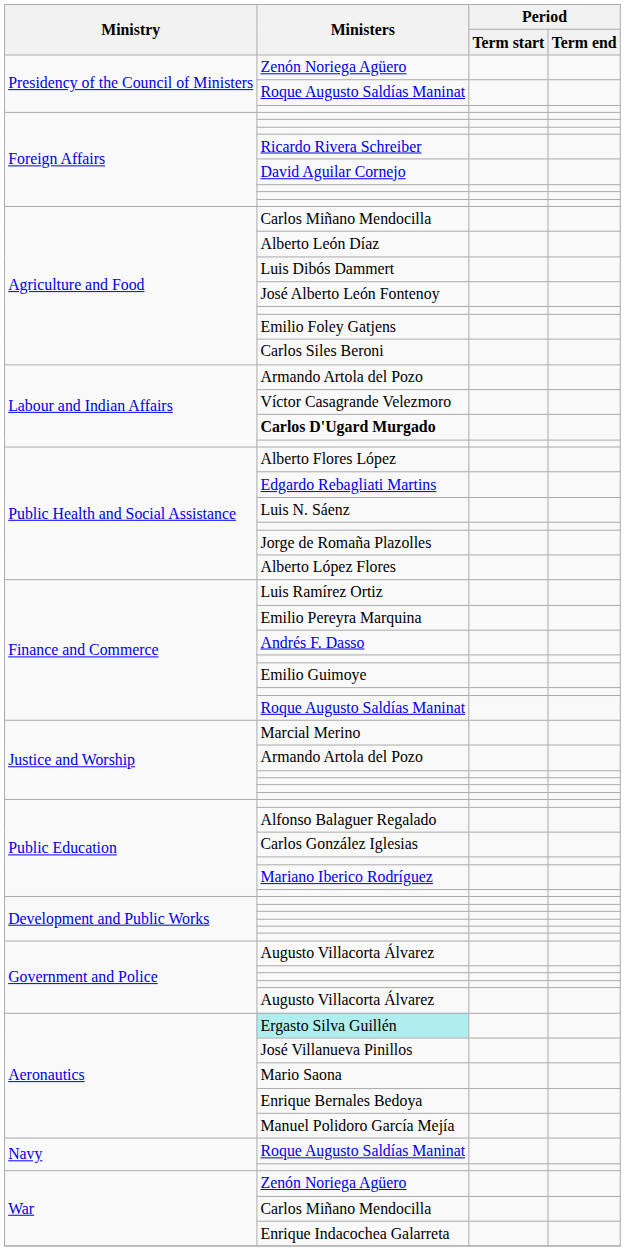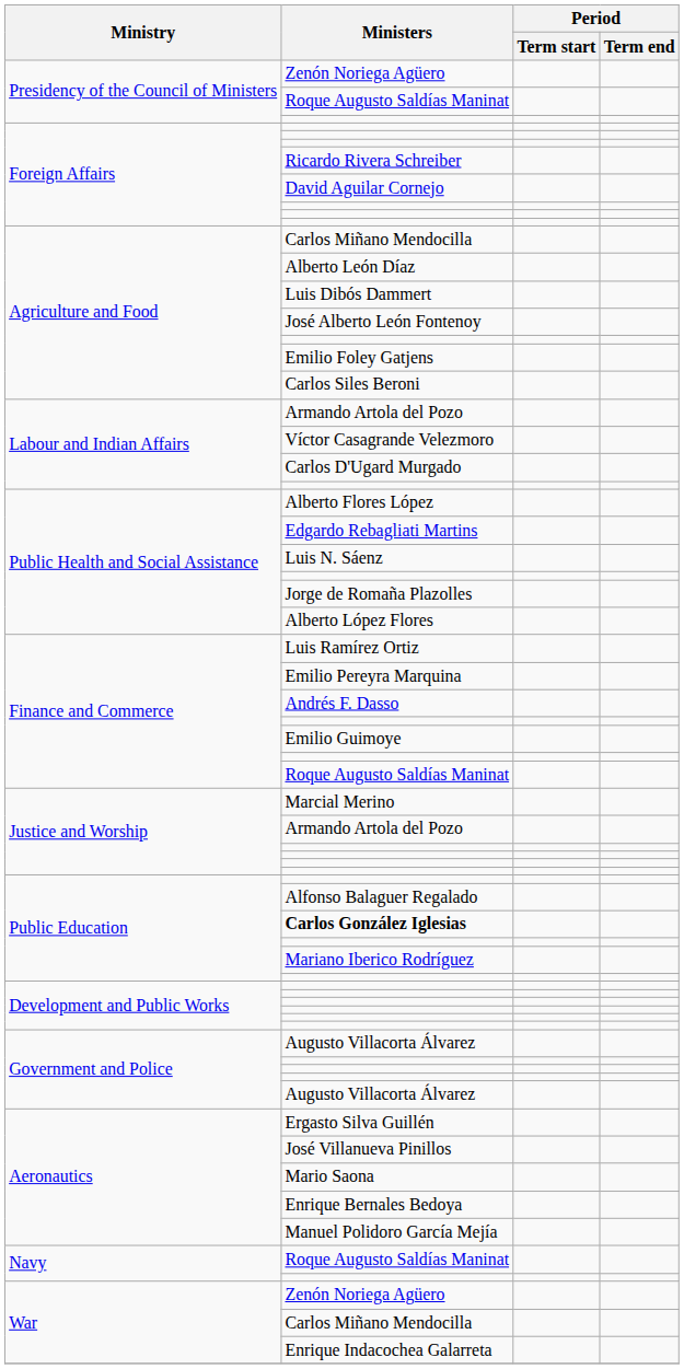 <table class="wikitable">
 <tr>
 <th rowspan=2><strong>Ministry</strong></th>
 <th rowspan=2><strong>Ministers</strong></th>
 <th colspan=2><strong>Period</strong></th>
 </tr>
 <tr>
 <th>Term start</th>
 <th>Term end</th>
 </tr>
 <tr>
 <td rowspan=3><a href='#'>Presidency of the Council of Ministers</a></td>
 <td><a href='#'>Zenón Noriega Agüero</a></td>
 <td></td>
 <td></td>
 </tr>
 <tr>
 <td><a href='#'>Roque Augusto Saldías Maninat</a></td>
 <td></td>
 <td></td>
 </tr>
 <tr>
 <td></td>
 <td></td>
 <td></td>
 </tr>
 <tr>
 <td rowspan=8><a href='#'>Foreign Affairs</a></td>
 <td></td>
 <td></td>
 <td></td>
 </tr>
 <tr>
 <td></td>
 <td></td>
 <td></td>
 </tr>
 <tr>
 <td></td>
 <td></td>
 <td></td>
 </tr>
 <tr>
 <td><a href='#'>Ricardo Rivera Schreiber</a></td>
 <td></td>
 <td></td>
 </tr>
 <tr>
 <td><a href='#'>David Aguilar Cornejo</a></td>
 <td></td>
 <td></td>
 </tr>
 <tr>
 <td></td>
 <td></td>
 <td></td>
 </tr>
 <tr>
 <td></td>
 <td></td>
 <td></td>
 </tr>
 <tr>
 <td></td>
 <td></td>
 <td></td>
 </tr>
 <tr>
 <td rowspan=7><a href='#'>Agriculture and Food</a></td>
 <td>Carlos Miñano Mendocilla</td>
 <td></td>
 <td></td>
 </tr>
 <tr>
 <td>Alberto León Díaz</td>
 <td></td>
 <td></td>
 </tr>
 <tr>
 <td>Luis Dibós Dammert</td>
 <td></td>
 <td></td>
 </tr>
 <tr>
 <td>José Alberto León Fontenoy</td>
 <td></td>
 <td></td>
 </tr>
 <tr>
 <td></td>
 <td></td>
 <td></td>
 </tr>
 <tr>
 <td>Emilio Foley Gatjens</td>
 <td></td>
 <td></td>
 </tr>
 <tr>
 <td>Carlos Siles Beroni</td>
 <td></td>
 <td></td>
 </tr>
 <tr>
 <td rowspan=4><a href='#'>Labour and Indian Affairs</a></td>
 <td>Armando Artola del Pozo</td>
 <td></td>
 <td></td>
 </tr>
 <tr>
 <td>Víctor Casagrande Velezmoro</td>
 <td></td>
 <td></td>
 </tr>
 <tr>
-<td><strong>Carlos D'Ugard Murgado</strong></td>
+<td>Carlos D'Ugard Murgado</td>
 <td></td>
 <td></td>
 </tr>
 <tr>
 <td></td>
 <td></td>
 <td></td>
 </tr>
 <tr>
 <td rowspan=6><a href='#'>Public Health and Social Assistance</a></td>
 <td>Alberto Flores López</td>
 <td></td>
 <td></td>
 </tr>
 <tr>
 <td><a href='#'>Edgardo Rebagliati Martins</a></td>
 <td></td>
 <td></td>
 </tr>
 <tr>
 <td>Luis N. Sáenz</td>
 <td></td>
 <td></td>
 </tr>
 <tr>
 <td></td>
 <td></td>
 <td></td>
 </tr>
 <tr>
 <td>Jorge de Romaña Plazolles</td>
 <td></td>
 <td></td>
 </tr>
 <tr>
 <td>Alberto López Flores</td>
 <td></td>
 <td></td>
 </tr>
 <tr>
 <td rowspan=7><a href='#'>Finance and Commerce</a></td>
 <td>Luis Ramírez Ortiz</td>
 <td></td>
 <td></td>
 </tr>
 <tr>
 <td>Emilio Pereyra Marquina</td>
 <td></td>
 <td></td>
 </tr>
 <tr>
 <td><a href='#'>Andrés F. Dasso</a></td>
 <td></td>
 <td></td>
 </tr>
 <tr>
 <td></td>
 <td></td>
 <td></td>
 </tr>
 <tr>
 <td>Emilio Guimoye</td>
 <td></td>
 <td></td>
 </tr>
 <tr>
 <td></td>
 <td></td>
 <td></td>
 </tr>
 <tr>
 <td><a href='#'>Roque Augusto Saldías Maninat</a></td>
 <td></td>
 <td></td>
 </tr>
 <tr>
 <td rowspan=6><a href='#'>Justice and Worship</a></td>
 <td>Marcial Merino</td>
 <td></td>
 <td></td>
 </tr>
 <tr>
 <td>Armando Artola del Pozo</td>
 <td></td>
 <td></td>
 </tr>
 <tr>
 <td></td>
 <td></td>
 <td></td>
 </tr>
 <tr>
 <td></td>
 <td></td>
 <td></td>
 </tr>
 <tr>
 <td></td>
 <td></td>
 <td></td>
 </tr>
 <tr>
 <td></td>
 <td></td>
 <td></td>
 </tr>
 <tr>
 <td rowspan=6><a href='#'>Public Education</a></td>
 <td></td>
 <td></td>
 <td></td>
 </tr>
 <tr>
 <td>Alfonso Balaguer Regalado</td>
 <td></td>
 <td></td>
 </tr>
 <tr>
-<td>Carlos González Iglesias</td>
+<td><strong>Carlos González Iglesias</strong></td>
 <td></td>
 <td></td>
 </tr>
 <tr>
 <td></td>
 <td></td>
 <td></td>
 </tr>
 <tr>
 <td><a href='#'>Mariano Iberico Rodríguez</a></td>
 <td></td>
 <td></td>
 </tr>
 <tr>
 <td></td>
 <td></td>
 <td></td>
 </tr>
 <tr>
 <td rowspan=6><a href='#'>Development and Public Works</a></td>
 <td></td>
 <td></td>
 <td></td>
 </tr>
 <tr>
 <td></td>
 <td></td>
 <td></td>
 </tr>
 <tr>
 <td></td>
 <td></td>
 <td></td>
 </tr>
 <tr>
 <td></td>
 <td></td>
 <td></td>
 </tr>
 <tr>
 <td></td>
 <td></td>
 <td></td>
 </tr>
 <tr>
 <td></td>
 <td></td>
 <td></td>
 </tr>
 <tr>
 <td rowspan=5><a href='#'>Government and Police</a></td>
 <td>Augusto Villacorta Álvarez</td>
 <td></td>
 <td></td>
 </tr>
 <tr>
 <td></td>
 <td></td>
 <td></td>
 </tr>
 <tr>
 <td></td>
 <td></td>
 <td></td>
 </tr>
 <tr>
 <td></td>
 <td></td>
 <td></td>
 </tr>
 <tr>
 <td>Augusto Villacorta Álvarez</td>
 <td></td>
 <td></td>
 </tr>
 <tr>
 <td rowspan=5><a href='#'>Aeronautics</a></td>
-<td style="background: paleturquoise;">Ergasto Silva Guillén</td>
+<td>Ergasto Silva Guillén</td>
 <td></td>
 <td></td>
 </tr>
 <tr>
 <td>José Villanueva Pinillos</td>
 <td></td>
 <td></td>
 </tr>
 <tr>
 <td>Mario Saona</td>
 <td></td>
 <td></td>
 </tr>
 <tr>
 <td>Enrique Bernales Bedoya</td>
 <td></td>
 <td></td>
 </tr>
 <tr>
 <td>Manuel Polidoro García Mejía</td>
 <td></td>
 <td></td>
 </tr>
 <tr>
 <td rowspan=2><a href='#'>Navy</a></td>
 <td><a href='#'>Roque Augusto Saldías Maninat</a></td>
 <td></td>
 <td></td>
 </tr>
 <tr>
 <td></td>
 <td></td>
 <td></td>
 </tr>
 <tr>
 <td rowspan=3><a href='#'>War</a></td>
 <td><a href='#'>Zenón Noriega Agüero</a></td>
 <td></td>
 <td></td>
 </tr>
 <tr>
 <td>Carlos Miñano Mendocilla</td>
 <td></td>
 <td></td>
 </tr>
 <tr>
 <td>Enrique Indacochea Galarreta</td>
 <td></td>
 <td></td>
 </tr>
 <tr>
 </tr>
 </table>
